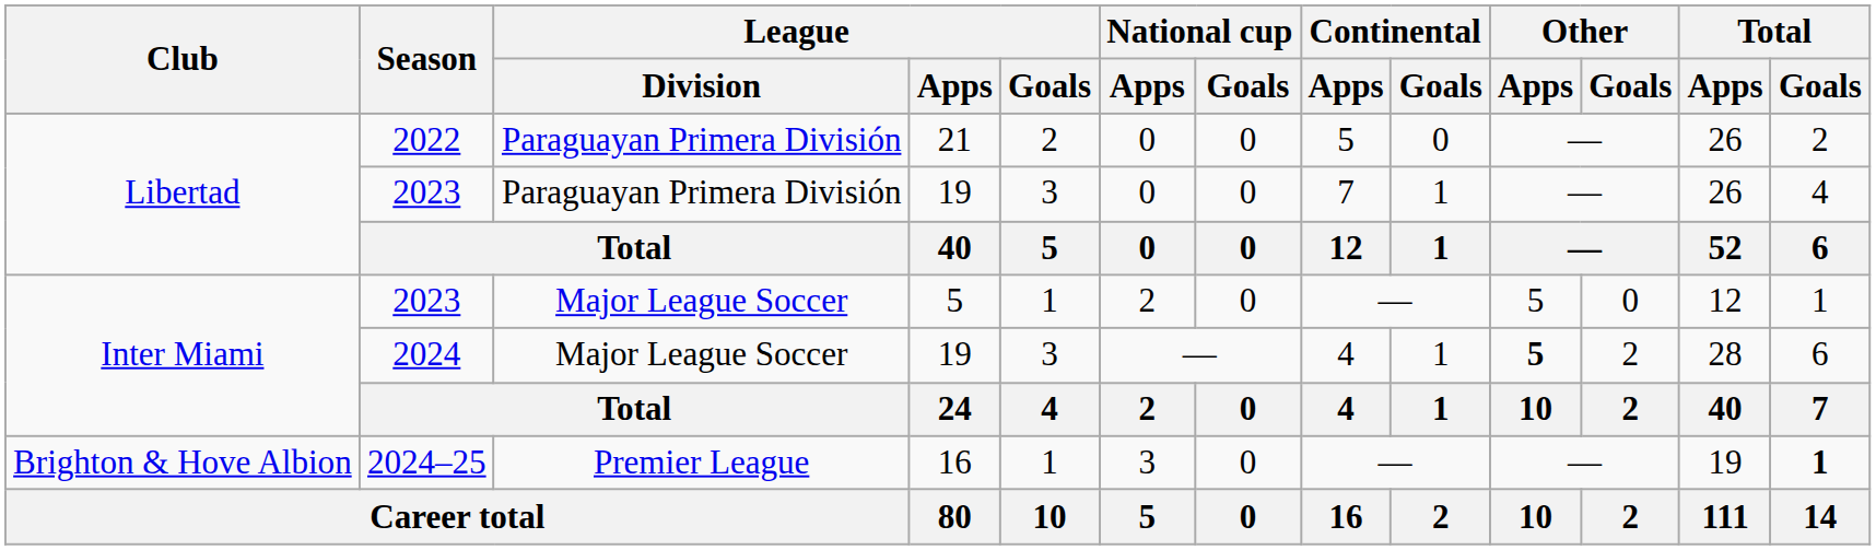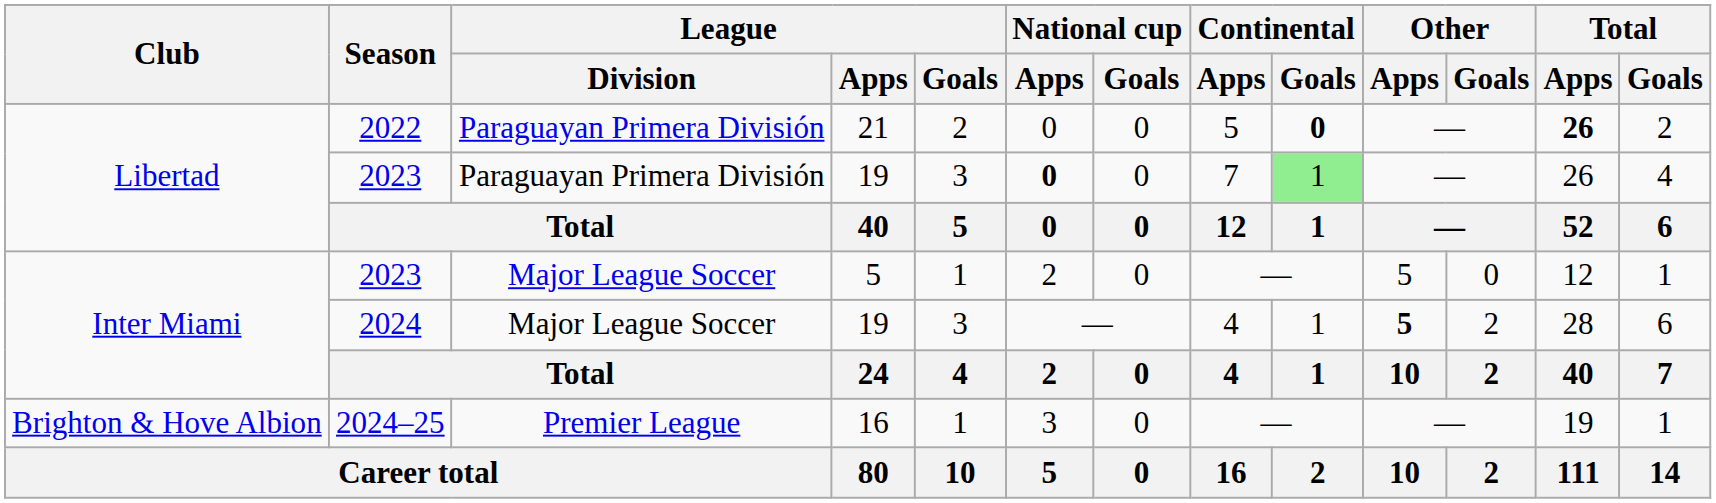 <table class="wikitable" style="text-align: center;">
 <tr>
 <th rowspan="2">Club</th>
 <th rowspan="2">Season</th>
 <th colspan="3">League</th>
 <th colspan="2">National cup</th>
 <th colspan="2">Continental</th>
 <th colspan="2">Other</th>
 <th colspan="2">Total</th>
 </tr>
 <tr>
 <th>Division</th>
 <th>Apps</th>
 <th>Goals</th>
 <th>Apps</th>
 <th>Goals</th>
 <th>Apps</th>
 <th>Goals</th>
 <th>Apps</th>
 <th>Goals</th>
 <th>Apps</th>
 <th>Goals</th>
 </tr>
 <tr>
 <td rowspan="3"><a href='#'>Libertad</a></td>
 <td><a href='#'>2022</a></td>
 <td><a href='#'>Paraguayan Primera División</a></td>
 <td>21</td>
 <td>2</td>
 <td>0</td>
 <td>0</td>
 <td>5</td>
-<td>0</td>
+<td><strong>0</strong></td>
 <td colspan="2">—</td>
-<td>26</td>
+<td><strong>26</strong></td>
 <td>2</td>
 </tr>
 <tr>
 <td><a href='#'>2023</a></td>
 <td>Paraguayan Primera División</td>
 <td>19</td>
 <td>3</td>
-<td>0</td>
+<td><strong>0</strong></td>
 <td>0</td>
 <td>7</td>
-<td>1</td>
+<td style="background: lightgreen;">1</td>
 <td colspan="2">—</td>
 <td>26</td>
 <td>4</td>
 </tr>
 <tr>
 <th colspan="2">Total</th>
 <th>40</th>
 <th>5</th>
 <th>0</th>
 <th>0</th>
 <th>12</th>
 <th>1</th>
 <th colspan="2">—</th>
 <th>52</th>
 <th>6</th>
 </tr>
 <tr>
 <td rowspan="3"><a href='#'>Inter Miami</a></td>
 <td><a href='#'>2023</a></td>
 <td><a href='#'>Major League Soccer</a></td>
 <td>5</td>
 <td>1</td>
 <td>2</td>
 <td>0</td>
 <td colspan="2">—</td>
 <td>5</td>
 <td>0</td>
 <td>12</td>
 <td>1</td>
 </tr>
 <tr>
 <td><a href='#'>2024</a></td>
 <td>Major League Soccer</td>
 <td>19</td>
 <td>3</td>
 <td colspan="2">—</td>
 <td>4</td>
 <td>1</td>
 <td><strong>5</strong></td>
 <td>2</td>
 <td>28</td>
 <td>6</td>
 </tr>
 <tr>
 <th colspan="2">Total</th>
 <th>24</th>
 <th>4</th>
 <th>2</th>
 <th>0</th>
 <th>4</th>
 <th>1</th>
 <th>10</th>
 <th>2</th>
 <th>40</th>
 <th>7</th>
 </tr>
 <tr>
 <td><a href='#'>Brighton & Hove Albion</a></td>
 <td><a href='#'>2024–25</a></td>
 <td><a href='#'>Premier League</a></td>
 <td>16</td>
 <td>1</td>
 <td>3</td>
 <td>0</td>
 <td colspan="2">—</td>
 <td colspan="2">—</td>
 <td>19</td>
-<td><strong>1</strong></td>
+<td>1</td>
 </tr>
 <tr>
 <th colspan="3">Career total</th>
 <th>80</th>
 <th>10</th>
 <th>5</th>
 <th>0</th>
 <th>16</th>
 <th>2</th>
 <th>10</th>
 <th>2</th>
 <th>111</th>
 <th>14</th>
 </tr>
 </table>
